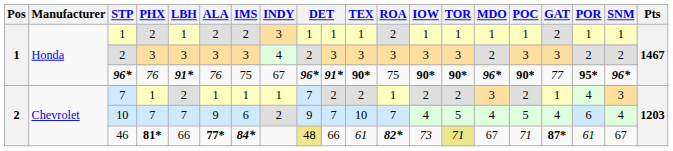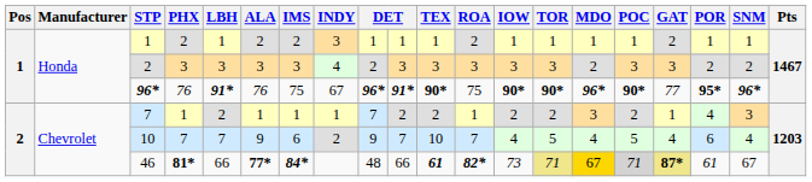 <table class="wikitable" style="font-size: 85%; text-align:center">
 <tr valign=top>
 <th>Pos</th>
 <th>Manufacturer</th>
 <th><a href='#'>STP</a></th>
 <th><a href='#'>PHX</a></th>
 <th><a href='#'>LBH</a></th>
 <th><a href='#'>ALA</a></th>
 <th><a href='#'>IMS</a></th>
 <th><a href='#'>INDY</a></th>
 <th colspan=2><a href='#'>DET</a></th>
 <th><a href='#'>TEX</a></th>
 <th><a href='#'>ROA</a></th>
 <th><a href='#'>IOW</a></th>
 <th><a href='#'>TOR</a></th>
 <th><a href='#'>MDO</a></th>
 <th><a href='#'>POC</a></th>
 <th><a href='#'>GAT</a></th>
 <th><a href='#'>POR</a></th>
 <th><a href='#'>SNM</a></th>
 <th>Pts</th>
 </tr>
 <tr>
 <th rowspan=3>1</th>
 <td rowspan=3 align="left"><a href='#'>Honda</a></td>
 <td style="background:#FFFFBF">1</td>
 <td style="background:#DFDFDF">2</td>
 <td style="background:#FFFFBF">1</td>
 <td style="background:#DFDFDF">2</td>
 <td style="background:#DFDFDF">2</td>
 <td style="background:#FFDF9F">3</td>
 <td style="background:#FFFFBF">1</td>
 <td style="background:#FFFFBF">1</td>
 <td style="background:#FFFFBF">1</td>
 <td style="background:#DFDFDF">2</td>
 <td style="background:#FFFFBF">1</td>
 <td style="background:#FFFFBF">1</td>
 <td style="background:#FFFFBF">1</td>
 <td style="background:#FFFFBF">1</td>
 <td style="background:#DFDFDF">2</td>
 <td style="background:#FFFFBF">1</td>
 <td style="background:#FFFFBF">1</td>
 <th rowspan=3>1467</th>
 </tr>
 <tr>
 <td style="background:#DFDFDF">2</td>
 <td style="background:#FFDF9F">3</td>
 <td style="background:#FFDF9F">3</td>
 <td style="background:#FFDF9F">3</td>
 <td style="background:#FFDF9F">3</td>
 <td style="background:#DFFFDF">4</td>
 <td style="background:#DFDFDF">2</td>
 <td style="background:#FFDF9F">3</td>
 <td style="background:#FFDF9F">3</td>
 <td style="background:#FFDF9F">3</td>
 <td style="background:#FFDF9F">3</td>
 <td style="background:#FFDF9F">3</td>
 <td style="background:#DFDFDF">2</td>
 <td style="background:#FFDF9F">3</td>
 <td style="background:#FFDF9F">3</td>
 <td style="background:#DFDFDF">2</td>
 <td style="background:#DFDFDF">2</td>
 </tr>
 <tr>
 <td><strong><em>96*</em></strong></td>
 <td><em>76</em></td>
 <td><strong><em>91*</em></strong></td>
 <td><em>76</em></td>
 <td>75</td>
 <td>67</td>
 <td><strong><em>96*</em></strong></td>
 <td><strong><em>91*</em></strong></td>
 <td><strong>90*</strong></td>
 <td>75</td>
 <td><strong>90*</strong></td>
 <td><strong>90*</strong></td>
 <td><strong><em>96*</em></strong></td>
 <td><strong>90*</strong></td>
 <td><em>77</em></td>
 <td><strong>95*</strong></td>
 <td><strong><em>96*</em></strong></td>
 </tr>
 <tr>
 <th rowspan=3>2</th>
 <td rowspan=3 align="left"><a href='#'>Chevrolet</a></td>
 <td style="background:#CFEAFF">7</td>
 <td style="background:#FFFFBF">1</td>
 <td style="background:#DFDFDF">2</td>
 <td style="background:#FFFFBF">1</td>
 <td style="background:#FFFFBF">1</td>
 <td style="background:#FFFFBF">1</td>
 <td style="background:#CFEAFF">7</td>
 <td style="background:#DFDFDF">2</td>
 <td style="background:#DFDFDF">2</td>
 <td style="background:#FFFFBF">1</td>
 <td style="background:#DFDFDF">2</td>
 <td style="background:#DFDFDF">2</td>
 <td style="background:#FFDF9F">3</td>
 <td style="background:#DFDFDF">2</td>
 <td style="background:#FFFFBF">1</td>
 <td style="background:#DFFFDF">4</td>
 <td style="background:#FFDF9F">3</td>
 <th rowspan=3>1203</th>
 </tr>
 <tr>
 <td style="background:#CFEAFF">10</td>
 <td style="background:#CFEAFF">7</td>
 <td style="background:#CFEAFF">7</td>
 <td style="background:#CFEAFF">9</td>
 <td style="background:#CFEAFF">6</td>
 <td style="background:#DFDFDF">2</td>
 <td style="background:#CFEAFF">9</td>
 <td style="background:#CFEAFF">7</td>
 <td style="background:#CFEAFF">10</td>
 <td style="background:#CFEAFF">7</td>
 <td style="background:#DFFFDF">4</td>
 <td style="background:#DFFFDF">5</td>
 <td style="background:#DFFFDF">4</td>
 <td style="background:#DFFFDF">5</td>
 <td style="background:#DFFFDF">4</td>
 <td style="background:#CFEAFF">6</td>
 <td style="background:#DFFFDF">4</td>
 </tr>
 <tr>
 <td>46</td>
 <td><strong>81*</strong></td>
 <td>66</td>
 <td><strong>77*</strong></td>
 <td><strong><em>84*</em></strong></td>
 <td><strong><em></em></strong></td>
-<td style="background: khaki;">48</td>
+<td>48</td>
 <td>66</td>
-<td><em>61</em></td>
+<td><strong><em>61</em></strong></td>
 <td><strong><em>82*</em></strong></td>
 <td><em>73</em></td>
 <td style="background: khaki;"><em>71</em></td>
-<td>67</td>
-<td><em>71</em></td>
-<td><strong>87*</strong></td>
+<td style="background: gold;">67</td>
+<td style="background: lightgrey;"><em>71</em></td>
+<td style="background: khaki;"><strong>87*</strong></td>
 <td><em>61</em></td>
 <td>67</td>
 </tr>
 </table>
